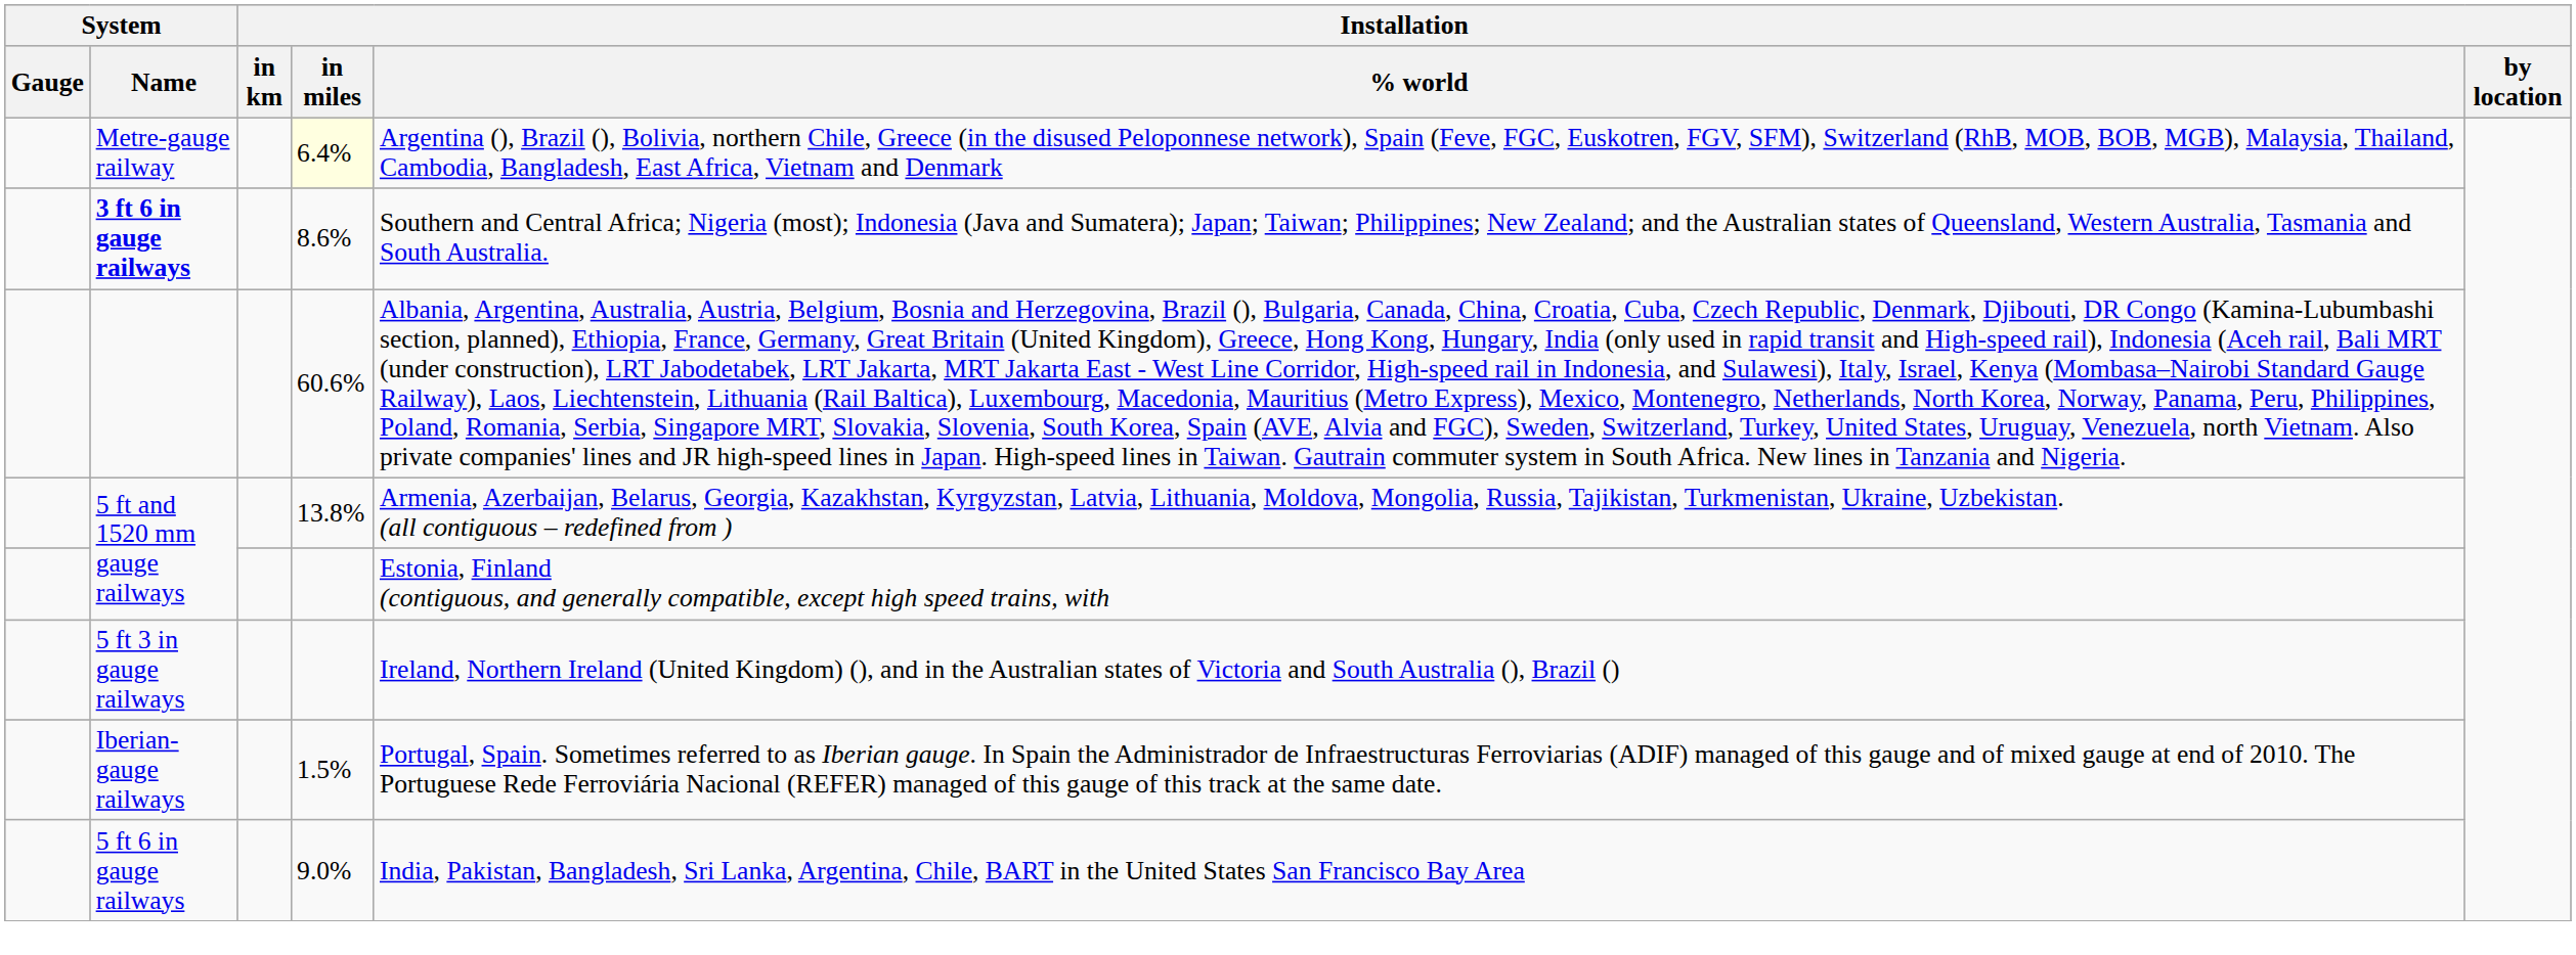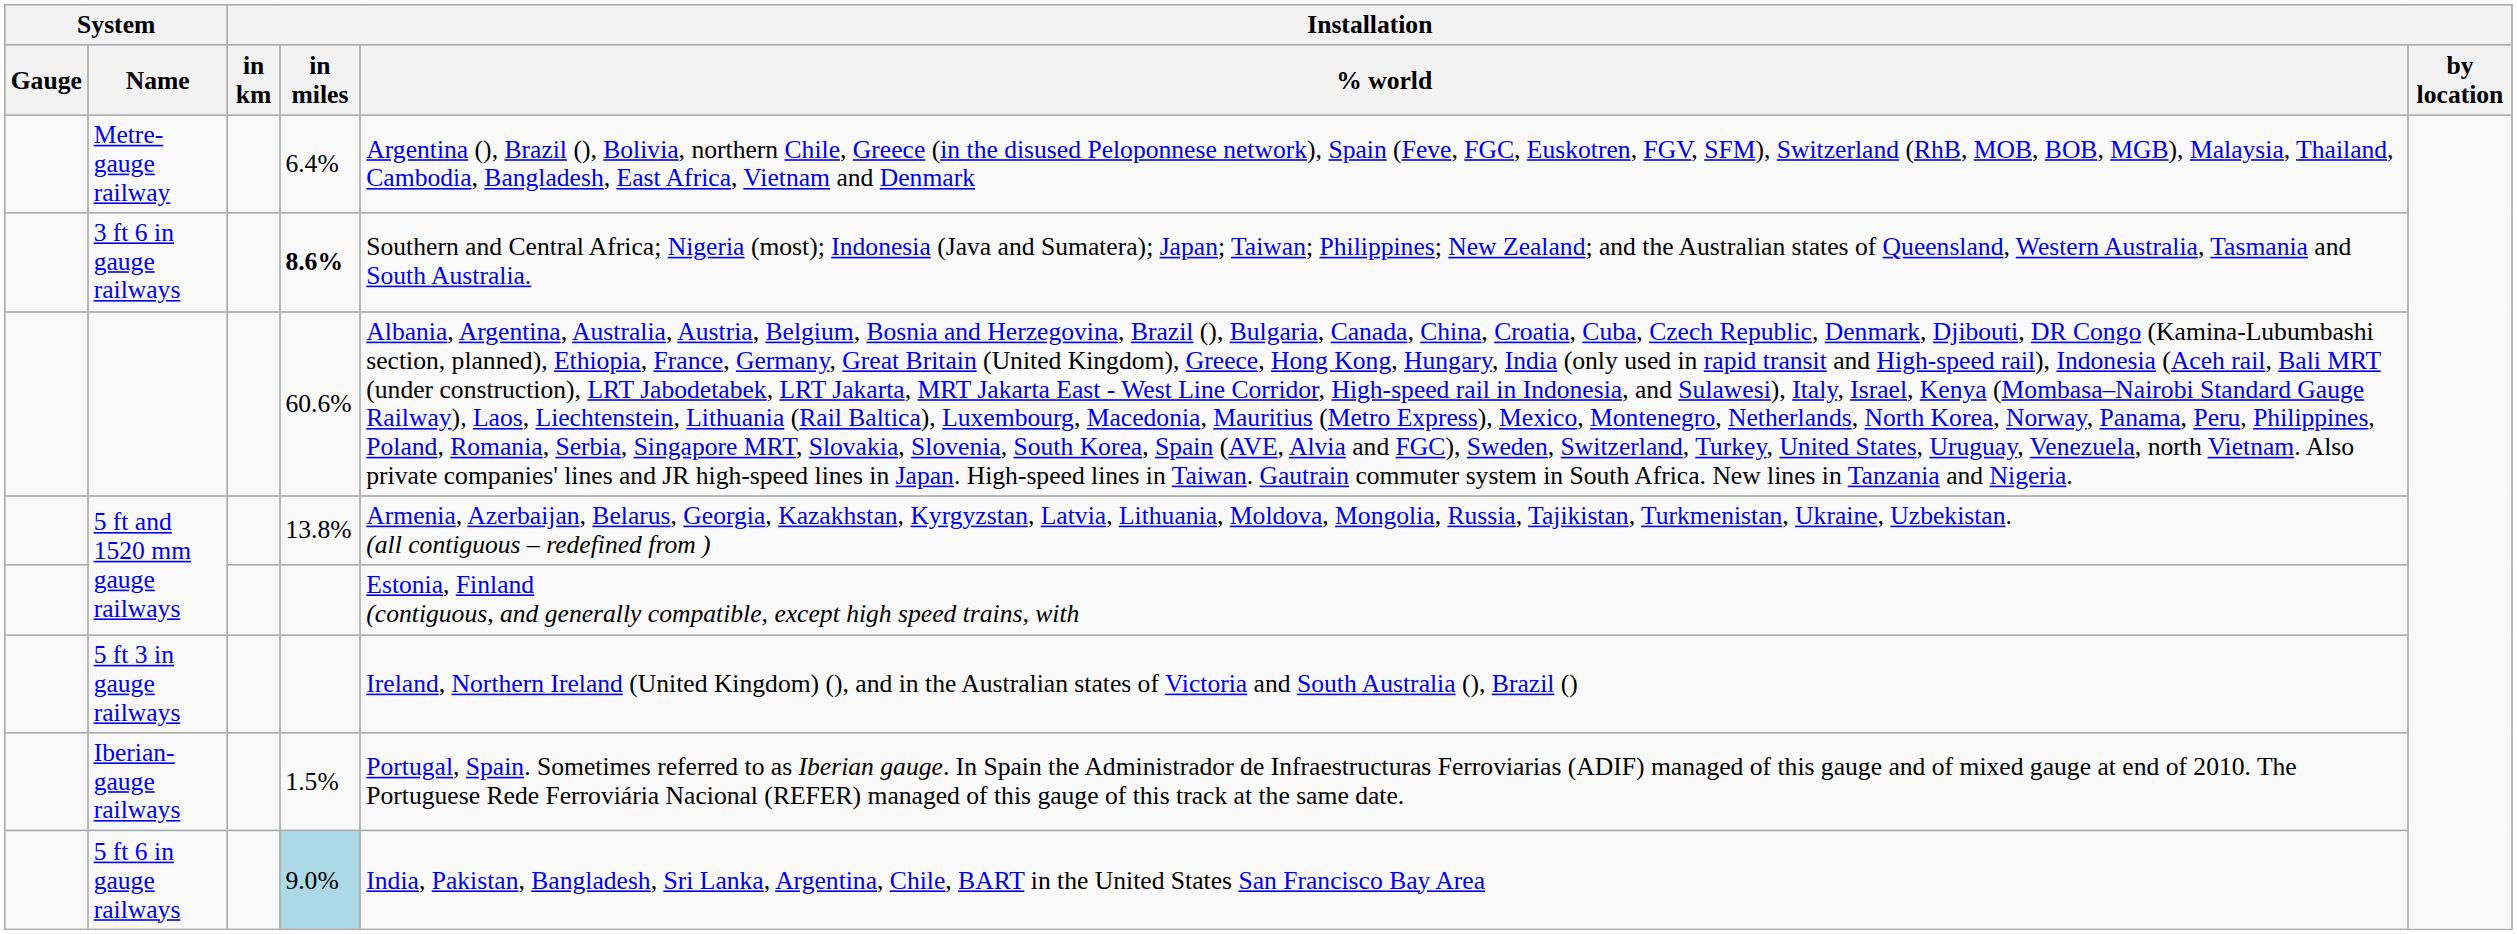 <table class="wikitable sortable">
 <tr>
 <th colspan=2>System</th>
 <th colspan=4>Installation</th>
 </tr>
 <tr>
 <th>Gauge</th>
 <th>Name</th>
 <th>in km</th>
 <th>in miles</th>
 <th>% world</th>
 <th>by location</th>
 </tr>
 <tr>
 <td></td>
 <td><a href='#'>Metre-gauge railway</a></td>
 <td></td>
-<td style="background: lightyellow;">6.4%</td>
+<td>6.4%</td>
 <td><a href='#'>Argentina</a> (), <a href='#'>Brazil</a> (), <a href='#'>Bolivia</a>, northern <a href='#'>Chile</a>, <a href='#'>Greece</a> (<a href='#'>in the disused Peloponnese network</a>), <a href='#'>Spain</a> (<a href='#'>Feve</a>, <a href='#'>FGC</a>, <a href='#'>Euskotren</a>, <a href='#'>FGV</a>, <a href='#'>SFM</a>), <a href='#'>Switzerland</a> (<a href='#'>RhB</a>, <a href='#'>MOB</a>, <a href='#'>BOB</a>, <a href='#'>MGB</a>), <a href='#'>Malaysia</a>, <a href='#'>Thailand</a>, <a href='#'>Cambodia</a>, <a href='#'>Bangladesh</a>, <a href='#'>East Africa</a>, <a href='#'>Vietnam</a> and <a href='#'>Denmark</a></td>
 </tr>
 <tr>
 <td></td>
-<td><strong><a href='#'>3 ft 6 in gauge railways</a></strong></td>
+<td><a href='#'>3 ft 6 in gauge railways</a></td>
 <td></td>
-<td>8.6%</td>
+<td><strong>8.6%</strong></td>
 <td>Southern and Central Africa; <a href='#'>Nigeria</a> (most); <a href='#'>Indonesia</a> (Java and Sumatera); <a href='#'>Japan</a>; <a href='#'>Taiwan</a>; <a href='#'>Philippines</a>; <a href='#'>New Zealand</a>; and the Australian states of <a href='#'>Queensland</a>, <a href='#'>Western Australia</a>, <a href='#'>Tasmania</a> and <a href='#'>South Australia.</a></td>
 </tr>
 <tr>
 <td></td>
 <td></td>
 <td></td>
 <td>60.6%</td>
 <td><a href='#'>Albania</a>, <a href='#'>Argentina</a>, <a href='#'>Australia</a>, <a href='#'>Austria</a>, <a href='#'>Belgium</a>, <a href='#'>Bosnia and Herzegovina</a>, <a href='#'>Brazil</a> (), <a href='#'>Bulgaria</a>, <a href='#'>Canada</a>, <a href='#'>China</a>, <a href='#'>Croatia</a>, <a href='#'>Cuba</a>, <a href='#'>Czech Republic</a>, <a href='#'>Denmark</a>, <a href='#'>Djibouti</a>, <a href='#'>DR Congo</a> (Kamina-Lubumbashi section, planned), <a href='#'>Ethiopia</a>, <a href='#'>France</a>, <a href='#'>Germany</a>, <a href='#'>Great Britain</a> (United Kingdom), <a href='#'>Greece</a>, <a href='#'>Hong Kong</a>, <a href='#'>Hungary</a>, <a href='#'>India</a> (only used in <a href='#'>rapid transit</a> and <a href='#'>High-speed rail</a>), <a href='#'>Indonesia</a> (<a href='#'>Aceh rail</a>, <a href='#'>Bali MRT</a> (under construction), <a href='#'>LRT Jabodetabek</a>, <a href='#'>LRT Jakarta</a>, <a href='#'>MRT Jakarta East - West Line Corridor</a>, <a href='#'>High-speed rail in Indonesia</a>, and <a href='#'>Sulawesi</a>), <a href='#'>Italy</a>, <a href='#'>Israel</a>, <a href='#'>Kenya</a> (<a href='#'>Mombasa–Nairobi Standard Gauge Railway</a>), <a href='#'>Laos</a>, <a href='#'>Liechtenstein</a>, <a href='#'>Lithuania</a> (<a href='#'>Rail Baltica</a>), <a href='#'>Luxembourg</a>, <a href='#'>Macedonia</a>, <a href='#'>Mauritius</a> (<a href='#'>Metro Express</a>), <a href='#'>Mexico</a>, <a href='#'>Montenegro</a>, <a href='#'>Netherlands</a>, <a href='#'>North Korea</a>, <a href='#'>Norway</a>, <a href='#'>Panama</a>, <a href='#'>Peru</a>, <a href='#'>Philippines</a>, <a href='#'>Poland</a>, <a href='#'>Romania</a>, <a href='#'>Serbia</a>, <a href='#'>Singapore MRT</a>, <a href='#'>Slovakia</a>, <a href='#'>Slovenia</a>, <a href='#'>South Korea</a>, <a href='#'>Spain</a> (<a href='#'>AVE</a>, <a href='#'>Alvia</a> and <a href='#'>FGC</a>), <a href='#'>Sweden</a>, <a href='#'>Switzerland</a>,  <a href='#'>Turkey</a>, <a href='#'>United States</a>, <a href='#'>Uruguay</a>, <a href='#'>Venezuela</a>, north <a href='#'>Vietnam</a>. Also private companies' lines and JR high-speed lines in <a href='#'>Japan</a>. High-speed lines in <a href='#'>Taiwan</a>. <a href='#'>Gautrain</a> commuter system in South Africa. New lines in <a href='#'>Tanzania</a> and <a href='#'>Nigeria</a>.</td>
 </tr>
 <tr>
 <td></td>
 <td rowspan="2"><a href='#'>5 ft and 1520 mm gauge railways</a></td>
 <td></td>
 <td>13.8%</td>
 <td><a href='#'>Armenia</a>, <a href='#'>Azerbaijan</a>, <a href='#'>Belarus</a>, <a href='#'>Georgia</a>, <a href='#'>Kazakhstan</a>, <a href='#'>Kyrgyzstan</a>, <a href='#'>Latvia</a>, <a href='#'>Lithuania</a>, <a href='#'>Moldova</a>, <a href='#'>Mongolia</a>, <a href='#'>Russia</a>, <a href='#'>Tajikistan</a>, <a href='#'>Turkmenistan</a>, <a href='#'>Ukraine</a>, <a href='#'>Uzbekistan</a>. <br><em>(all contiguous – redefined from )</em></td>
 </tr>
 <tr>
 <td></td>
 <td></td>
 <td></td>
 <td><a href='#'>Estonia</a>, <a href='#'>Finland</a><br><em>(contiguous, and generally compatible, except high speed trains, with </em></td>
 </tr>
 <tr>
 <td></td>
 <td><a href='#'>5 ft 3 in gauge railways</a></td>
 <td></td>
 <td></td>
 <td><a href='#'>Ireland</a>, <a href='#'>Northern Ireland</a> (United Kingdom) (), and in the Australian states of <a href='#'>Victoria</a> and <a href='#'>South Australia</a> (), <a href='#'>Brazil</a> ()</td>
 </tr>
 <tr>
 <td></td>
 <td><a href='#'>Iberian-gauge railways</a></td>
 <td></td>
 <td>1.5%</td>
 <td><a href='#'>Portugal</a>, <a href='#'>Spain</a>. Sometimes referred to as <em>Iberian gauge</em>. In Spain the Administrador de Infraestructuras Ferroviarias (ADIF) managed  of this gauge and  of mixed gauge at end of 2010. The Portuguese Rede Ferroviária Nacional (REFER) managed  of this gauge of this track at the same date.</td>
 </tr>
 <tr>
 <td></td>
 <td><a href='#'>5 ft 6 in gauge railways</a></td>
 <td></td>
-<td>9.0%</td>
+<td style="background: lightblue;">9.0%</td>
 <td><a href='#'>India</a>, <a href='#'>Pakistan</a>, <a href='#'>Bangladesh</a>, <a href='#'>Sri Lanka</a>, <a href='#'>Argentina</a>, <a href='#'>Chile</a>, <a href='#'>BART</a> in the United States <a href='#'>San Francisco Bay Area</a></td>
 </tr>
 <tr>
 </tr>
 </table>
